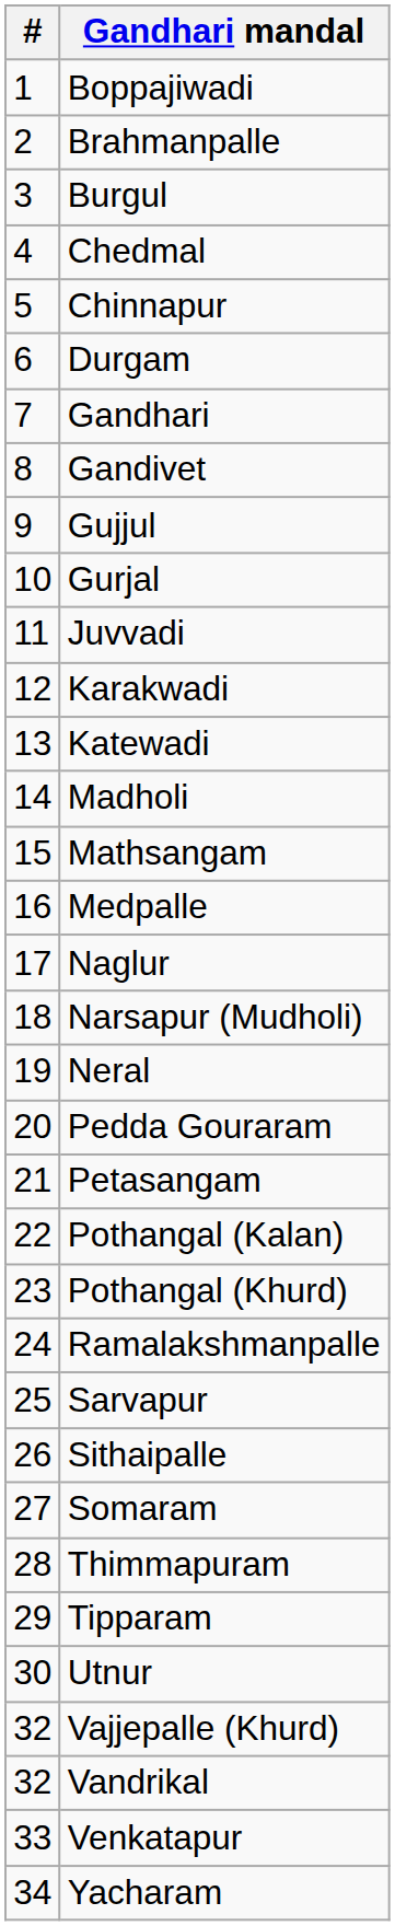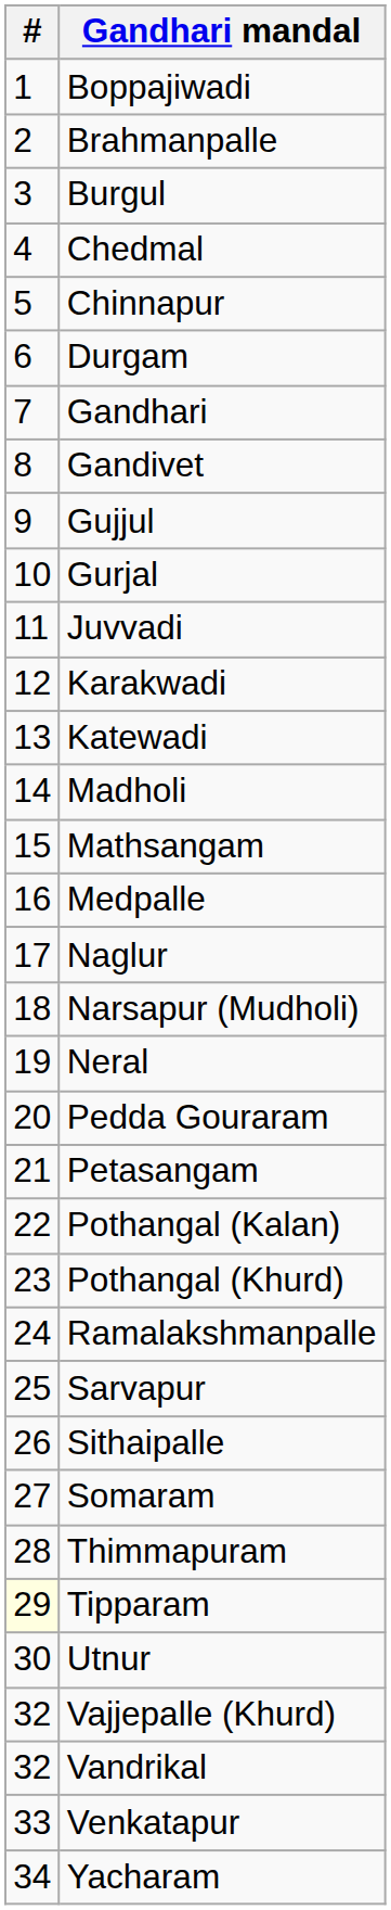 <table class="wikitable">
 <tr>
 <th>#</th>
 <th><a href='#'>Gandhari</a> mandal</th>
 </tr>
 <tr>
 <td>1</td>
 <td>Boppajiwadi</td>
 </tr>
 <tr>
 <td>2</td>
 <td>Brahmanpalle</td>
 </tr>
 <tr>
 <td>3</td>
 <td>Burgul</td>
 </tr>
 <tr>
 <td>4</td>
 <td>Chedmal</td>
 </tr>
 <tr>
 <td>5</td>
 <td>Chinnapur</td>
 </tr>
 <tr>
 <td>6</td>
 <td>Durgam</td>
 </tr>
 <tr>
 <td>7</td>
 <td>Gandhari</td>
 </tr>
 <tr>
 <td>8</td>
 <td>Gandivet</td>
 </tr>
 <tr>
 <td>9</td>
 <td>Gujjul</td>
 </tr>
 <tr>
 <td>10</td>
 <td>Gurjal</td>
 </tr>
 <tr>
 <td>11</td>
 <td>Juvvadi</td>
 </tr>
 <tr>
 <td>12</td>
 <td>Karakwadi</td>
 </tr>
 <tr>
 <td>13</td>
 <td>Katewadi</td>
 </tr>
 <tr>
 <td>14</td>
 <td>Madholi</td>
 </tr>
 <tr>
 <td>15</td>
 <td>Mathsangam</td>
 </tr>
 <tr>
 <td>16</td>
 <td>Medpalle</td>
 </tr>
 <tr>
 <td>17</td>
 <td>Naglur</td>
 </tr>
 <tr>
 <td>18</td>
 <td>Narsapur (Mudholi)</td>
 </tr>
 <tr>
 <td>19</td>
 <td>Neral</td>
 </tr>
 <tr>
 <td>20</td>
 <td>Pedda Gouraram</td>
 </tr>
 <tr>
 <td>21</td>
 <td>Petasangam</td>
 </tr>
 <tr>
 <td>22</td>
 <td>Pothangal (Kalan)</td>
 </tr>
 <tr>
 <td>23</td>
 <td>Pothangal (Khurd)</td>
 </tr>
 <tr>
 <td>24</td>
 <td>Ramalakshmanpalle</td>
 </tr>
 <tr>
 <td>25</td>
 <td>Sarvapur</td>
 </tr>
 <tr>
 <td>26</td>
 <td>Sithaipalle</td>
 </tr>
 <tr>
 <td>27</td>
 <td>Somaram</td>
 </tr>
 <tr>
 <td>28</td>
 <td>Thimmapuram</td>
 </tr>
 <tr>
-<td>29</td>
+<td style="background: lightyellow;">29</td>
 <td>Tipparam</td>
 </tr>
 <tr>
 <td>30</td>
 <td>Utnur</td>
 </tr>
 <tr>
 <td>32</td>
 <td>Vajjepalle (Khurd)</td>
 </tr>
 <tr>
 <td>32</td>
 <td>Vandrikal</td>
 </tr>
 <tr>
 <td>33</td>
 <td>Venkatapur</td>
 </tr>
 <tr>
 <td>34</td>
 <td>Yacharam</td>
 </tr>
 </table>
